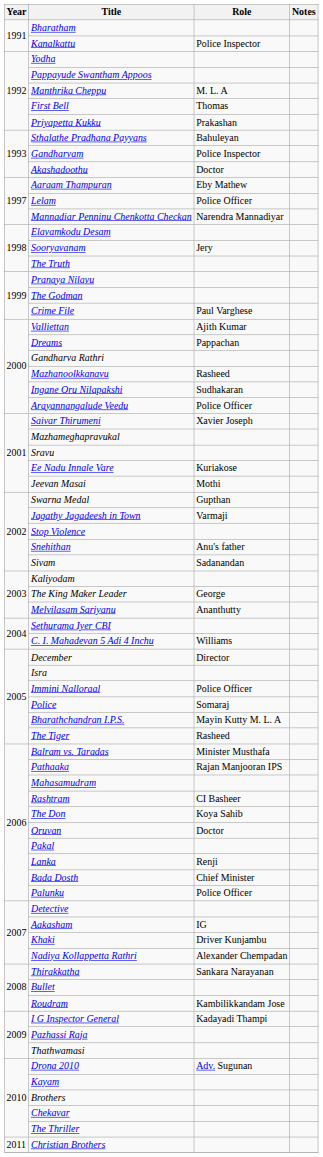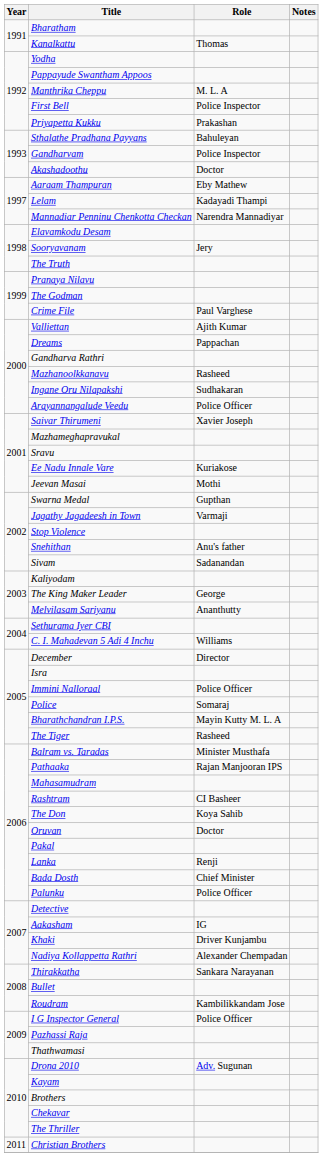 <table class="wikitable sortable">
 <tr>
 <th>Year</th>
 <th>Title</th>
 <th>Role</th>
 <th class="unsortable">Notes</th>
 </tr>
 <tr>
 <td rowspan= 2>1991</td>
 <td><em><a href='#'>Bharatham</a></em></td>
 <td></td>
 <td></td>
 </tr>
 <tr>
 <td><em><a href='#'>Kanalkattu</a></em></td>
-<td>Police Inspector</td>
+<td>Thomas</td>
 <td></td>
 </tr>
 <tr>
 <td rowspan=5>1992</td>
 <td><em><a href='#'>Yodha</a></em></td>
 <td></td>
 <td></td>
 </tr>
 <tr>
 <td><em><a href='#'>Pappayude Swantham Appoos</a></em></td>
 <td></td>
 <td></td>
 </tr>
 <tr>
 <td><em><a href='#'>Manthrika Cheppu</a></em></td>
 <td>M. L. A</td>
 <td></td>
 </tr>
 <tr>
 <td><em><a href='#'>First Bell</a></em></td>
-<td>Thomas</td>
+<td>Police Inspector</td>
 <td></td>
 </tr>
 <tr>
 <td><em><a href='#'>Priyapetta Kukku</a></em></td>
 <td>Prakashan</td>
 <td></td>
 </tr>
 <tr>
 <td rowspan=3>1993</td>
 <td><em><a href='#'>Sthalathe Pradhana Payyans</a></em></td>
 <td>Bahuleyan</td>
 <td></td>
 </tr>
 <tr>
 <td><em><a href='#'>Gandharvam</a></em></td>
 <td>Police Inspector</td>
 <td></td>
 </tr>
 <tr>
 <td><em><a href='#'>Akashadoothu</a></em></td>
 <td>Doctor</td>
 <td></td>
 </tr>
 <tr>
 <td rowspan=3>1997</td>
 <td><em><a href='#'>Aaraam Thampuran</a></em></td>
 <td>Eby Mathew</td>
 <td></td>
 </tr>
 <tr>
 <td><em><a href='#'>Lelam</a></em></td>
-<td>Police Officer</td>
+<td>Kadayadi Thampi</td>
 <td></td>
 </tr>
 <tr>
 <td><em><a href='#'>Mannadiar Penninu Chenkotta Checkan</a></em></td>
 <td>Narendra Mannadiyar</td>
 <td></td>
 </tr>
 <tr>
 <td rowspan=3>1998</td>
 <td><em><a href='#'>Elavamkodu Desam</a></em></td>
 <td></td>
 <td></td>
 </tr>
 <tr>
 <td><em><a href='#'>Sooryavanam</a></em></td>
 <td>Jery</td>
 <td></td>
 </tr>
 <tr>
 <td><em><a href='#'>The Truth</a></em></td>
 <td></td>
 <td></td>
 </tr>
 <tr>
 <td rowspan=3>1999</td>
 <td><em><a href='#'>Pranaya Nilavu</a></em></td>
 <td></td>
 <td></td>
 </tr>
 <tr>
 <td><em><a href='#'>The Godman</a></em></td>
 <td></td>
 <td></td>
 </tr>
 <tr>
 <td><em><a href='#'>Crime File</a></em></td>
 <td>Paul Varghese</td>
 <td></td>
 </tr>
 <tr>
 <td rowspan=6>2000</td>
 <td><em><a href='#'>Valliettan</a></em></td>
 <td>Ajith Kumar</td>
 <td></td>
 </tr>
 <tr>
 <td><em><a href='#'>Dreams</a></em></td>
 <td>Pappachan</td>
 <td></td>
 </tr>
 <tr>
 <td><em>Gandharva Rathri</em></td>
 <td></td>
 <td></td>
 </tr>
 <tr>
 <td><em><a href='#'>Mazhanoolkkanavu</a></em></td>
 <td>Rasheed</td>
 <td></td>
 </tr>
 <tr>
 <td><em><a href='#'>Ingane Oru Nilapakshi</a></em></td>
 <td>Sudhakaran</td>
 <td></td>
 </tr>
 <tr>
 <td><em><a href='#'>Arayannangalude Veedu</a></em></td>
 <td>Police Officer</td>
 <td></td>
 </tr>
 <tr>
 <td rowspan=5>2001</td>
 <td><em><a href='#'>Saivar Thirumeni</a></em></td>
 <td>Xavier Joseph</td>
 <td></td>
 </tr>
 <tr>
 <td><em>Mazhameghapravukal</em></td>
 <td></td>
 <td></td>
 </tr>
 <tr>
 <td><em>Sravu</em></td>
 <td></td>
 <td></td>
 </tr>
 <tr>
 <td><em><a href='#'>Ee Nadu Innale Vare</a></em></td>
 <td>Kuriakose</td>
 <td></td>
 </tr>
 <tr>
 <td><em>Jeevan Masai</em></td>
 <td>Mothi</td>
 <td></td>
 </tr>
 <tr>
 <td rowspan=5>2002</td>
 <td><em>Swarna Medal</em></td>
 <td>Gupthan</td>
 <td></td>
 </tr>
 <tr>
 <td><em><a href='#'>Jagathy Jagadeesh in Town</a></em></td>
 <td>Varmaji</td>
 <td></td>
 </tr>
 <tr>
 <td><em><a href='#'>Stop Violence</a></em></td>
 <td></td>
 <td></td>
 </tr>
 <tr>
 <td><em><a href='#'>Snehithan</a></em></td>
 <td>Anu's father</td>
 <td></td>
 </tr>
 <tr>
 <td><em>Sivam</em></td>
 <td>Sadanandan</td>
 <td></td>
 </tr>
 <tr>
 <td rowspan=3>2003</td>
 <td><em>Kaliyodam</em></td>
 <td></td>
 <td></td>
 </tr>
 <tr>
 <td><em>The King Maker Leader</em></td>
 <td>George</td>
 <td></td>
 </tr>
 <tr>
 <td><em><a href='#'>Melvilasam Sariyanu</a></em></td>
 <td>Ananthutty</td>
 <td></td>
 </tr>
 <tr>
 <td rowspan=2>2004</td>
 <td><em><a href='#'>Sethurama Iyer CBI</a></em></td>
 <td></td>
 <td></td>
 </tr>
 <tr>
 <td><em><a href='#'>C. I. Mahadevan 5 Adi 4 Inchu</a></em></td>
 <td>Williams</td>
 <td></td>
 </tr>
 <tr>
 <td rowspan=6>2005</td>
 <td><em>December</em></td>
 <td>Director</td>
 <td></td>
 </tr>
 <tr>
 <td><em>Isra</em></td>
 <td></td>
 <td></td>
 </tr>
 <tr>
 <td><em><a href='#'>Immini Nalloraal</a></em></td>
 <td>Police Officer</td>
 <td></td>
 </tr>
 <tr>
 <td><em><a href='#'>Police</a></em></td>
 <td>Somaraj</td>
 <td></td>
 </tr>
 <tr>
 <td><em><a href='#'>Bharathchandran I.P.S.</a></em></td>
 <td>Mayin Kutty M. L. A</td>
 <td></td>
 </tr>
 <tr>
 <td><em><a href='#'>The Tiger</a></em></td>
 <td>Rasheed</td>
 <td></td>
 </tr>
 <tr>
 <td rowspan=10>2006</td>
 <td><em><a href='#'>Balram vs. Taradas</a></em></td>
 <td>Minister Musthafa</td>
 <td></td>
 </tr>
 <tr>
 <td><em><a href='#'>Pathaaka</a></em></td>
 <td>Rajan Manjooran IPS</td>
 <td></td>
 </tr>
 <tr>
 <td><em><a href='#'>Mahasamudram</a></em></td>
 <td></td>
 <td></td>
 </tr>
 <tr>
 <td><em><a href='#'>Rashtram</a></em></td>
 <td>CI Basheer</td>
 <td></td>
 </tr>
 <tr>
 <td><em><a href='#'>The Don</a></em></td>
 <td>Koya Sahib</td>
 <td></td>
 </tr>
 <tr>
 <td><em><a href='#'>Oruvan</a></em></td>
 <td>Doctor</td>
 <td></td>
 </tr>
 <tr>
 <td><em><a href='#'>Pakal</a></em></td>
 <td></td>
 <td></td>
 </tr>
 <tr>
 <td><em><a href='#'>Lanka</a></em></td>
 <td>Renji</td>
 <td></td>
 </tr>
 <tr>
 <td><em><a href='#'>Bada Dosth</a></em></td>
 <td>Chief Minister</td>
 <td></td>
 </tr>
 <tr>
 <td><em><a href='#'>Palunku</a></em></td>
 <td>Police Officer</td>
 <td></td>
 </tr>
 <tr>
 <td rowspan=4>2007</td>
 <td><em><a href='#'>Detective</a></em></td>
 <td></td>
 <td></td>
 </tr>
 <tr>
 <td><em><a href='#'>Aakasham</a></em></td>
 <td>IG</td>
 <td></td>
 </tr>
 <tr>
 <td><em><a href='#'>Khaki</a></em></td>
 <td>Driver Kunjambu</td>
 <td></td>
 </tr>
 <tr>
 <td><em><a href='#'>Nadiya Kollappetta Rathri</a></em></td>
 <td>Alexander Chempadan</td>
 <td></td>
 </tr>
 <tr>
 <td rowspan=3>2008</td>
 <td><em><a href='#'>Thirakkatha</a></em></td>
 <td>Sankara Narayanan</td>
 <td></td>
 </tr>
 <tr>
 <td><em><a href='#'>Bullet</a></em></td>
 <td></td>
 <td></td>
 </tr>
 <tr>
 <td><em><a href='#'>Roudram</a></em></td>
 <td>Kambilikkandam Jose</td>
 <td></td>
 </tr>
 <tr>
 <td rowspan=3>2009</td>
 <td><em><a href='#'>I G Inspector General</a></em></td>
-<td>Kadayadi Thampi</td>
+<td>Police Officer</td>
 <td></td>
 </tr>
 <tr>
 <td><em><a href='#'>Pazhassi Raja</a></em></td>
 <td></td>
 <td></td>
 </tr>
 <tr>
 <td><em>Thathwamasi</em></td>
 <td></td>
 <td></td>
 </tr>
 <tr>
 <td rowspan=5>2010</td>
 <td><em><a href='#'>Drona 2010</a></em></td>
 <td><a href='#'>Adv.</a> Sugunan</td>
 <td></td>
 </tr>
 <tr>
 <td><em><a href='#'>Kayam</a></em></td>
 <td></td>
 <td></td>
 </tr>
 <tr>
 <td><em>Brothers</em></td>
 <td></td>
 <td></td>
 </tr>
 <tr>
 <td><em><a href='#'>Chekavar</a></em></td>
 <td></td>
 <td></td>
 </tr>
 <tr>
 <td><em><a href='#'>The Thriller</a></em></td>
 <td></td>
 <td></td>
 </tr>
 <tr>
 <td>2011</td>
 <td><em><a href='#'>Christian Brothers</a></em></td>
 <td></td>
 <td></td>
 </tr>
 <tr>
 </tr>
 </table>
